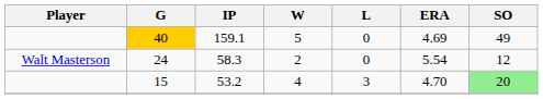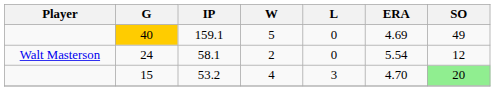 <table class="wikitable sortable">
 <tr>
 <th bgcolor="#DDDDFF" width="16%">Player</th>
 <th bgcolor="#DDDDFF" width="9%">G</th>
 <th bgcolor="#DDDDFF" width="9%">IP</th>
 <th bgcolor="#DDDDFF" width="9%">W</th>
 <th bgcolor="#DDDDFF" width="9%">L</th>
 <th bgcolor="#DDDDFF" width="9%">ERA</th>
 <th bgcolor="#DDDDFF" width="9%">SO</th>
 </tr>
 <tr align="center">
 <td></td>
 <td style="background:#fc0;">40</td>
 <td>159.1</td>
 <td>5</td>
 <td>0</td>
 <td>4.69</td>
 <td>49</td>
 </tr>
 <tr align="center">
 <td><a href='#'>Walt Masterson</a></td>
 <td>24</td>
-<td>58.3</td>
+<td>58.1</td>
 <td>2</td>
 <td>0</td>
 <td>5.54</td>
 <td>12</td>
 </tr>
 <tr align="center">
 <td></td>
 <td>15</td>
 <td>53.2</td>
 <td>4</td>
 <td>3</td>
 <td>4.70</td>
 <td style="background: lightgreen;">20</td>
 </tr>
 <tr align="center">
 </tr>
 </table>
